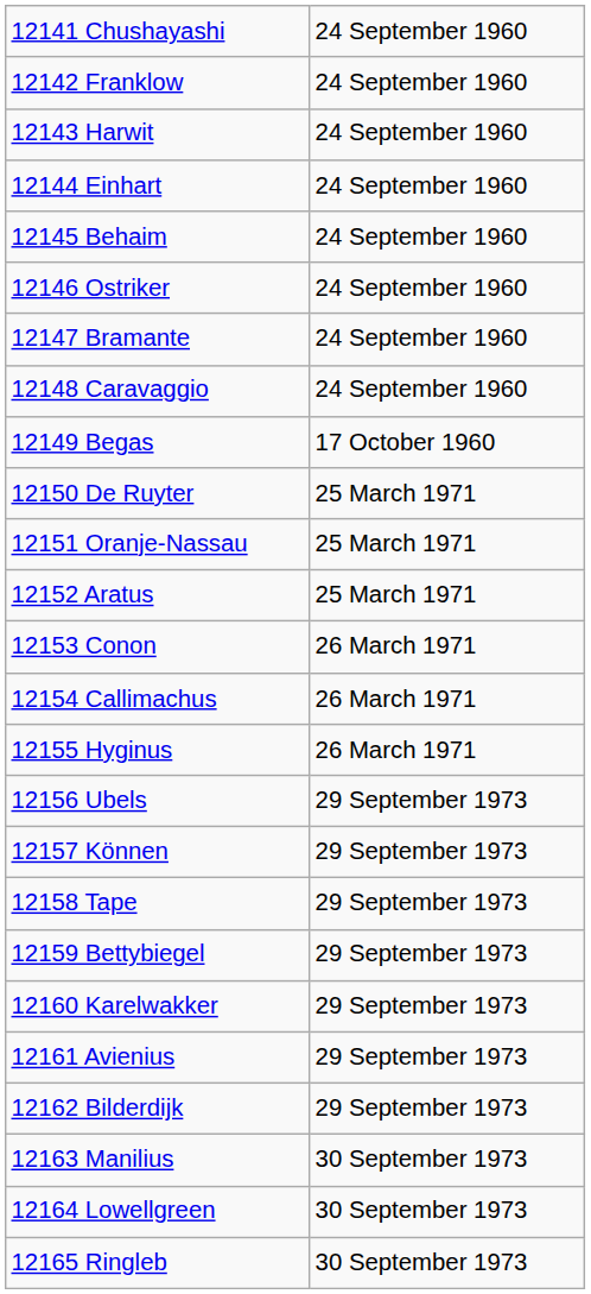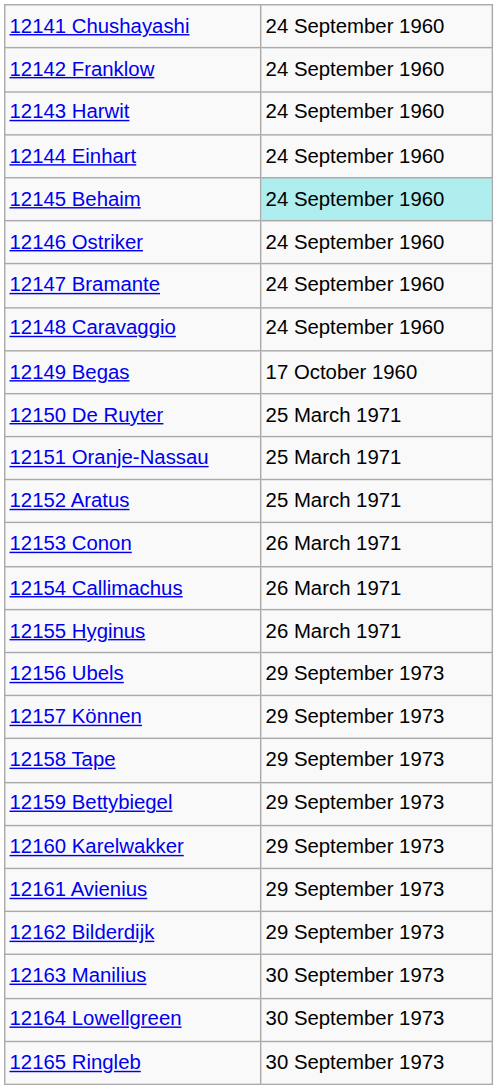 <table class="wikitable" style="font-size: 89%; float: left; width: 24em; margin-right: 1em; line-height: 1.65em">
 <tr>
 <td><a href='#'>12141 Chushayashi</a></td>
 <td>24 September 1960</td>
 </tr>
 <tr>
 <td><a href='#'>12142 Franklow</a></td>
 <td>24 September 1960</td>
 </tr>
 <tr>
 <td><a href='#'>12143 Harwit</a></td>
 <td>24 September 1960</td>
 </tr>
 <tr>
 <td><a href='#'>12144 Einhart</a></td>
 <td>24 September 1960</td>
 </tr>
 <tr>
 <td><a href='#'>12145 Behaim</a></td>
-<td>24 September 1960</td>
+<td style="background: paleturquoise;">24 September 1960</td>
 </tr>
 <tr>
 <td><a href='#'>12146 Ostriker</a></td>
 <td>24 September 1960</td>
 </tr>
 <tr>
 <td><a href='#'>12147 Bramante</a></td>
 <td>24 September 1960</td>
 </tr>
 <tr>
 <td><a href='#'>12148 Caravaggio</a></td>
 <td>24 September 1960</td>
 </tr>
 <tr>
 <td><a href='#'>12149 Begas</a></td>
 <td>17 October 1960</td>
 </tr>
 <tr>
 <td><a href='#'>12150 De Ruyter</a></td>
 <td>25 March 1971</td>
 </tr>
 <tr>
 <td><a href='#'>12151 Oranje-Nassau</a></td>
 <td>25 March 1971</td>
 </tr>
 <tr>
 <td><a href='#'>12152 Aratus</a></td>
 <td>25 March 1971</td>
 </tr>
 <tr>
 <td><a href='#'>12153 Conon</a></td>
 <td>26 March 1971</td>
 </tr>
 <tr>
 <td><a href='#'>12154 Callimachus</a></td>
 <td>26 March 1971</td>
 </tr>
 <tr>
 <td><a href='#'>12155 Hyginus</a></td>
 <td>26 March 1971</td>
 </tr>
 <tr>
 <td><a href='#'>12156 Ubels</a></td>
 <td>29 September 1973</td>
 </tr>
 <tr>
 <td><a href='#'>12157 Können</a></td>
 <td>29 September 1973</td>
 </tr>
 <tr>
 <td><a href='#'>12158 Tape</a></td>
 <td>29 September 1973</td>
 </tr>
 <tr>
 <td><a href='#'>12159 Bettybiegel</a></td>
 <td>29 September 1973</td>
 </tr>
 <tr>
 <td><a href='#'>12160 Karelwakker</a></td>
 <td>29 September 1973</td>
 </tr>
 <tr>
 <td><a href='#'>12161 Avienius</a></td>
 <td>29 September 1973</td>
 </tr>
 <tr>
 <td><a href='#'>12162 Bilderdijk</a></td>
 <td>29 September 1973</td>
 </tr>
 <tr>
 <td><a href='#'>12163 Manilius</a></td>
 <td>30 September 1973</td>
 </tr>
 <tr>
 <td><a href='#'>12164 Lowellgreen</a></td>
 <td>30 September 1973</td>
 </tr>
 <tr>
 <td><a href='#'>12165 Ringleb</a></td>
 <td>30 September 1973</td>
 </tr>
 </table>
